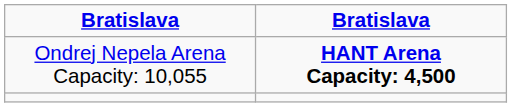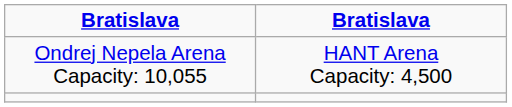 <table class="wikitable" style="text-align:center;">
 <tr>
 <td width=40%><strong><a href='#'>Bratislava </a></strong></td>
 <td width=40%><strong><a href='#'>Bratislava </a></strong></td>
 </tr>
 <tr>
 <td><a href='#'>Ondrej Nepela Arena</a><br>Capacity: 10,055</td>
-<td><strong><a href='#'>HANT Arena</a><br>Capacity: 4,500</strong></td>
+<td><a href='#'>HANT Arena</a><br>Capacity: 4,500</td>
 </tr>
 <tr>
 <td></td>
 <td></td>
 </tr>
 </table>
